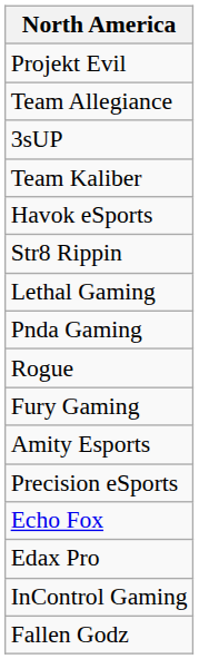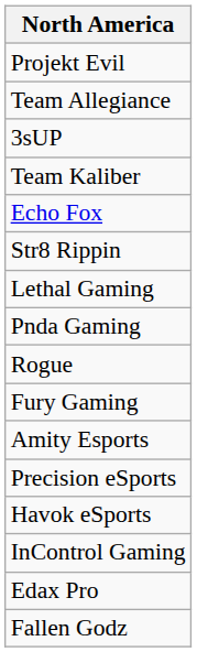 <table class="wikitable" style="display: inline-table;">
 <tr>
 <th>North America</th>
 </tr>
 <tr>
 <td>Projekt Evil</td>
 </tr>
 <tr>
 <td>Team Allegiance</td>
 </tr>
 <tr>
 <td>3sUP</td>
 </tr>
 <tr>
 <td>Team Kaliber</td>
 </tr>
 <tr>
-<td>Havok eSports</td>
+<td><a href='#'>Echo Fox</a></td>
 </tr>
 <tr>
 <td>Str8 Rippin</td>
 </tr>
 <tr>
 <td>Lethal Gaming</td>
 </tr>
 <tr>
 <td>Pnda Gaming</td>
 </tr>
 <tr>
 <td>Rogue</td>
 </tr>
 <tr>
 <td>Fury Gaming</td>
 </tr>
 <tr>
 <td>Amity Esports</td>
 </tr>
 <tr>
 <td>Precision eSports</td>
 </tr>
 <tr>
-<td><a href='#'>Echo Fox</a></td>
+<td>Havok eSports</td>
+</tr>
+<tr>
+<td>InControl Gaming</td>
 </tr>
 <tr>
 <td>Edax Pro</td>
 </tr>
 <tr>
-<td>InControl Gaming</td>
-</tr>
-<tr>
 <td>Fallen Godz</td>
 </tr>
 </table>
